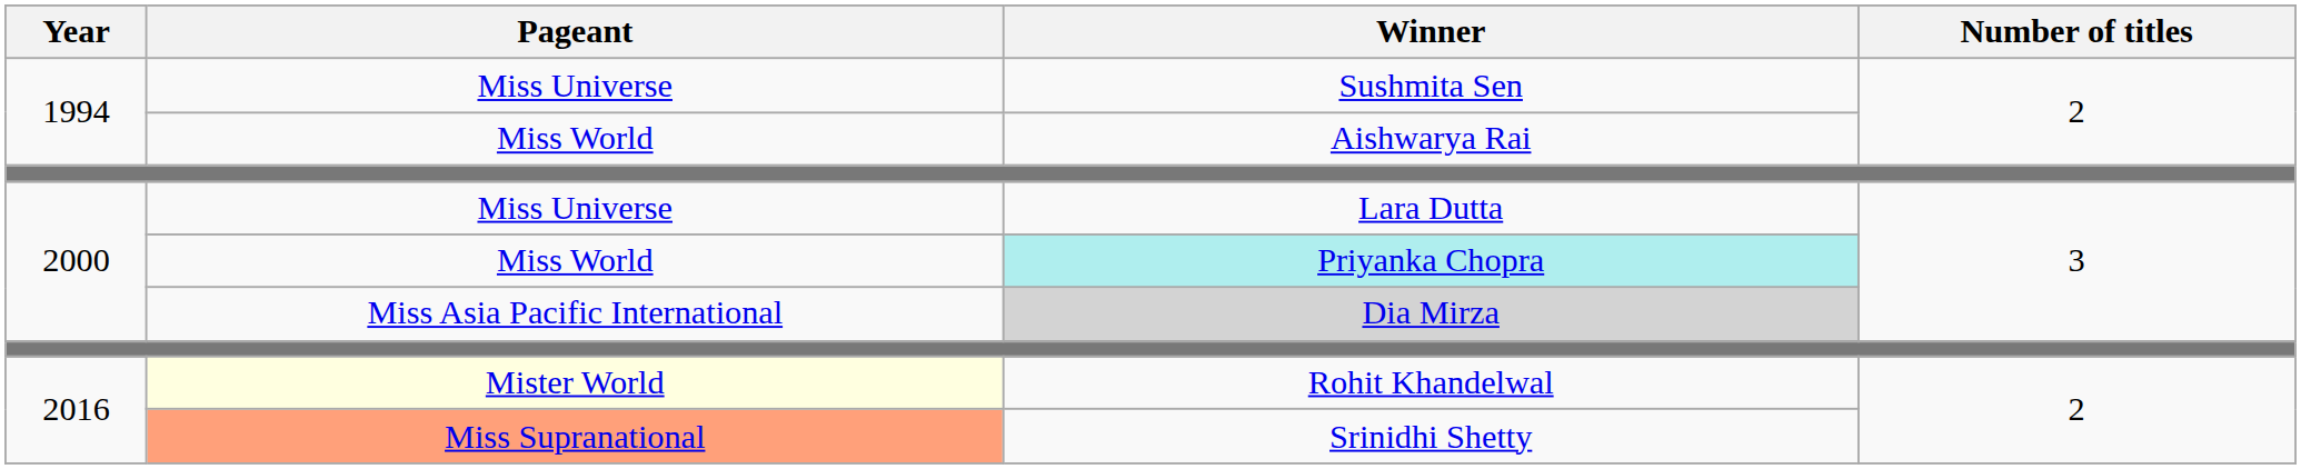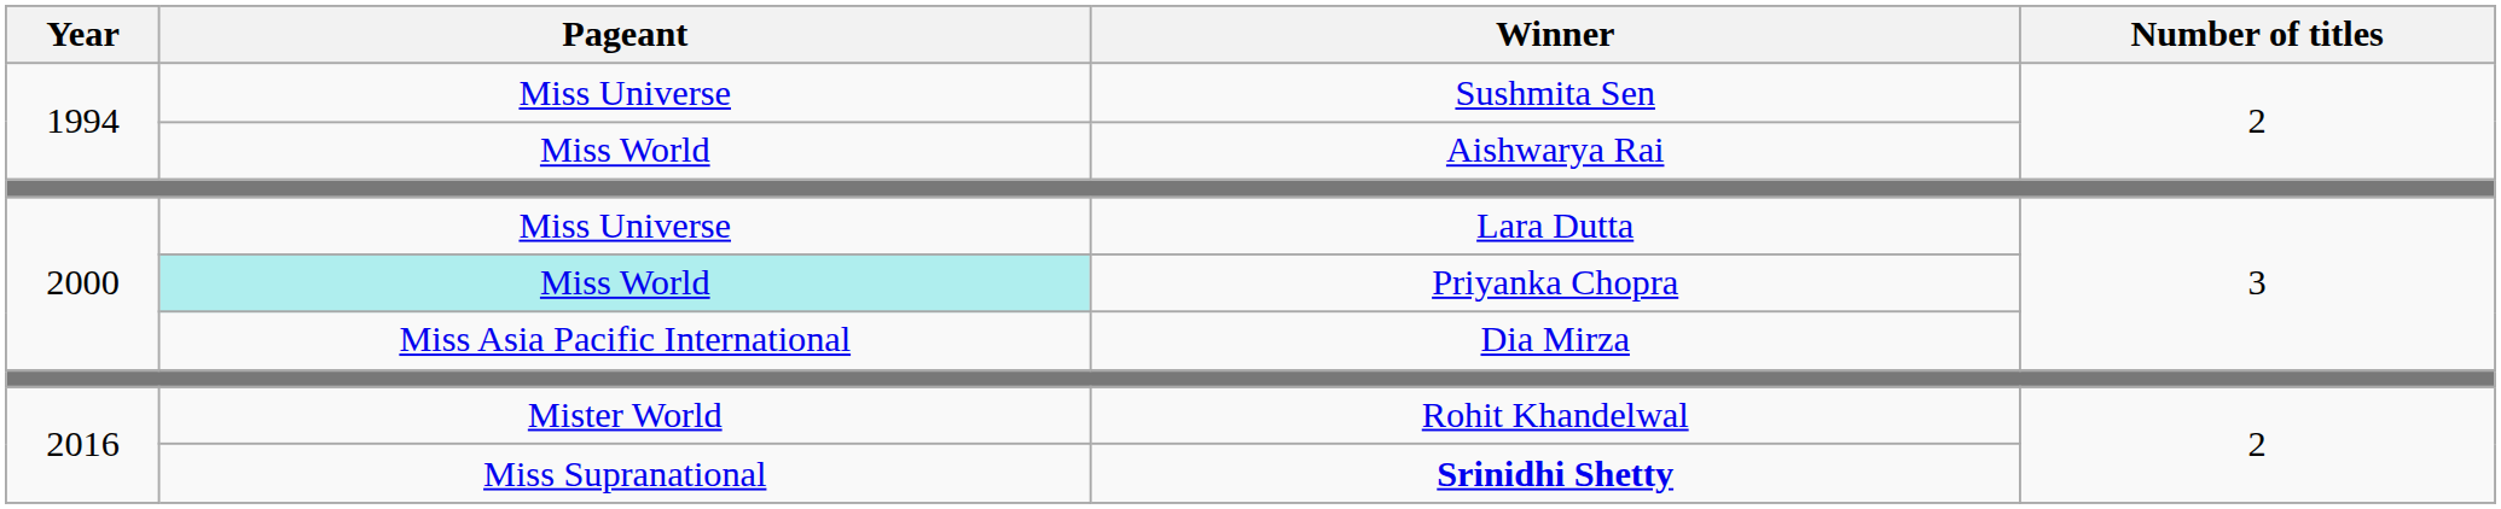 <table class="wikitable" style="text-align:center">
 <tr>
 <th width=60>Year</th>
 <th width=400>Pageant</th>
 <th width=400>Winner</th>
 <th width=200>Number of titles</th>
 </tr>
 <tr>
 <td rowspan="2">1994</td>
 <td><a href='#'>Miss Universe</a></td>
 <td><a href='#'>Sushmita Sen</a></td>
 <td rowspan="2">2</td>
 </tr>
 <tr>
 <td><a href='#'>Miss World</a></td>
 <td><a href='#'>Aishwarya Rai</a></td>
 </tr>
 <tr>
 <td colspan="4" bgcolor=#787878></td>
 </tr>
 <tr>
 <td rowspan="3">2000</td>
 <td><a href='#'>Miss Universe</a></td>
 <td><a href='#'>Lara Dutta</a></td>
 <td rowspan="3">3</td>
 </tr>
 <tr>
-<td><a href='#'>Miss World</a></td>
-<td style="background: paleturquoise;"><a href='#'>Priyanka Chopra</a></td>
+<td style="background: paleturquoise;"><a href='#'>Miss World</a></td>
+<td><a href='#'>Priyanka Chopra</a></td>
 </tr>
 <tr>
 <td><a href='#'>Miss Asia Pacific International</a></td>
-<td style="background: lightgrey;"><a href='#'>Dia Mirza</a></td>
+<td><a href='#'>Dia Mirza</a></td>
 </tr>
 <tr>
 <td colspan="4" bgcolor=#787878></td>
 </tr>
 <tr>
 <td rowspan=2>2016</td>
-<td style="background: lightyellow;"><a href='#'>Mister World</a></td>
+<td><a href='#'>Mister World</a></td>
 <td><a href='#'>Rohit Khandelwal</a></td>
 <td rowspan=2>2</td>
 </tr>
 <tr>
-<td style="background: lightsalmon;"><a href='#'>Miss Supranational</a></td>
-<td><a href='#'>Srinidhi Shetty</a></td>
+<td><a href='#'>Miss Supranational</a></td>
+<td><strong><a href='#'>Srinidhi Shetty</a></strong></td>
 </tr>
 </table>
